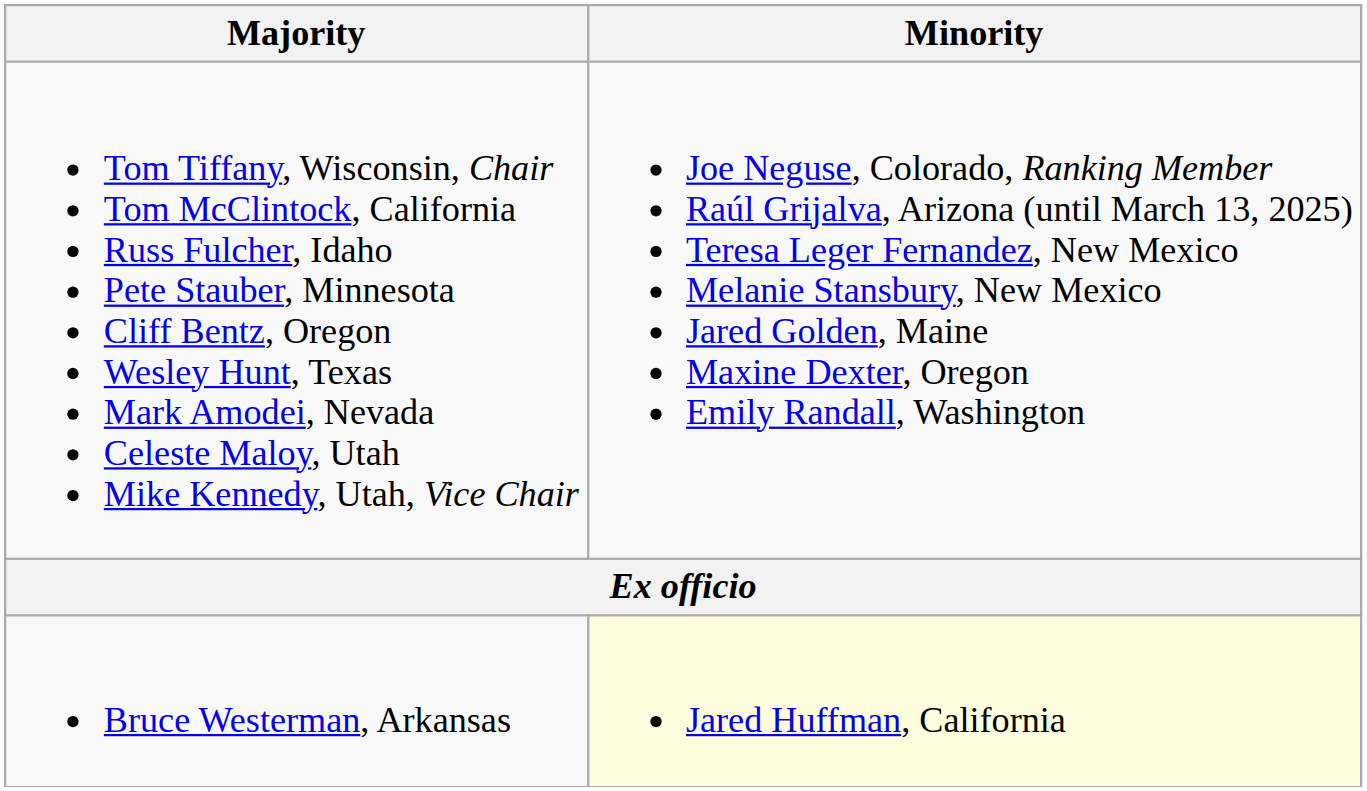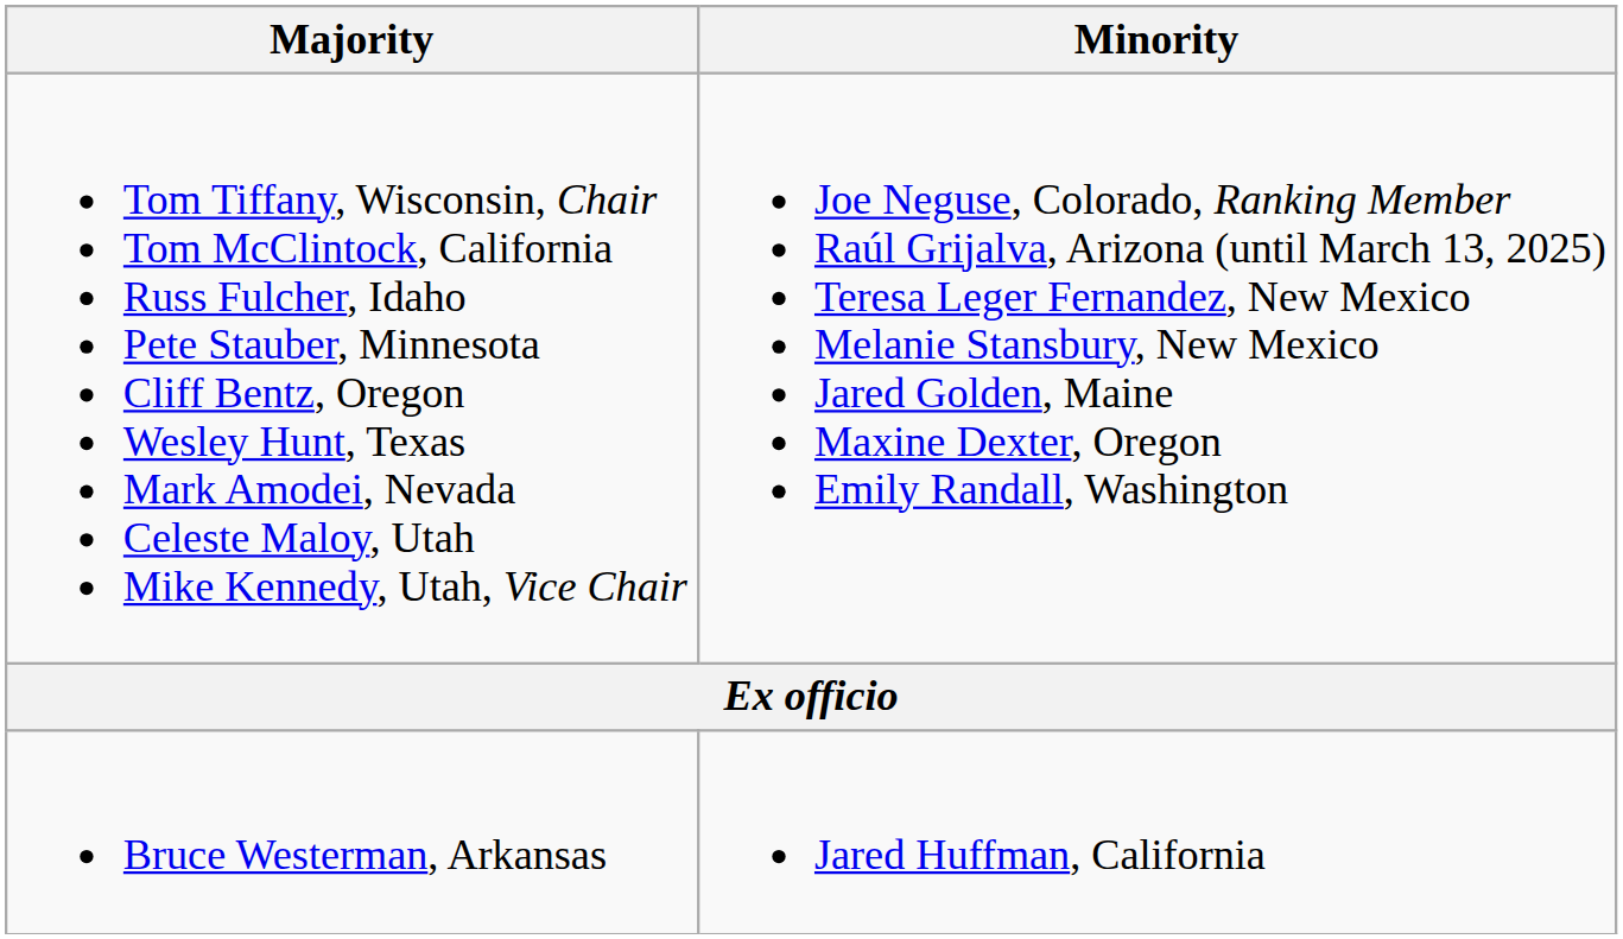 <table class=wikitable>
 <tr>
 <th>Majority</th>
 <th>Minority</th>
 </tr>
 <tr valign=top>
 <td><br><ul><li><a href='#'>Tom Tiffany</a>, Wisconsin, <em>Chair</em></li><li><a href='#'>Tom McClintock</a>, California</li><li><a href='#'>Russ Fulcher</a>, Idaho</li><li><a href='#'>Pete Stauber</a>, Minnesota</li><li><a href='#'>Cliff Bentz</a>, Oregon</li><li><a href='#'>Wesley Hunt</a>, Texas</li><li><a href='#'>Mark Amodei</a>, Nevada</li><li><a href='#'>Celeste Maloy</a>, Utah</li><li><a href='#'>Mike Kennedy</a>, Utah, <em>Vice Chair</em></li></ul></td>
 <td><br><ul><li><a href='#'>Joe Neguse</a>, Colorado, <em>Ranking Member</em></li><li><a href='#'>Raúl Grijalva</a>, Arizona (until March 13, 2025)</li><li><a href='#'>Teresa Leger Fernandez</a>, New Mexico</li><li><a href='#'>Melanie Stansbury</a>, New Mexico</li><li><a href='#'>Jared Golden</a>, Maine</li><li><a href='#'>Maxine Dexter</a>, Oregon</li><li><a href='#'>Emily Randall</a>, Washington</li></ul></td>
 </tr>
 <tr>
 <th colspan=2><em>Ex officio</em></th>
 </tr>
 <tr>
 <td><br><ul><li><a href='#'>Bruce Westerman</a>, Arkansas</li></ul></td>
-<td style="background: lightyellow;"><br><ul><li><a href='#'>Jared Huffman</a>, California</li></ul></td>
+<td><br><ul><li><a href='#'>Jared Huffman</a>, California</li></ul></td>
 </tr>
 </table>
